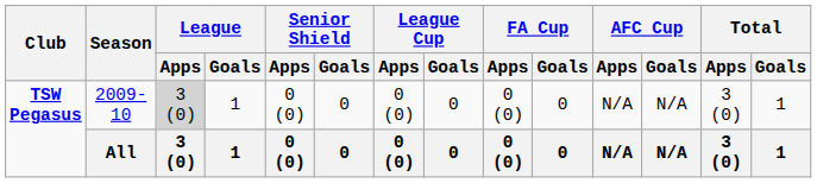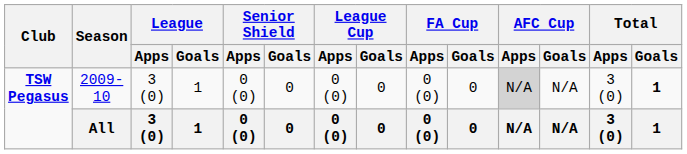 <table class="wikitable" style="text-align: center;">
 <tr>
 <th rowspan="2">Club</th>
 <th rowspan="2">Season</th>
 <th colspan="2"><a href='#'>League</a></th>
 <th colspan="2"><a href='#'>Senior Shield</a></th>
 <th colspan="2"><a href='#'>League Cup</a></th>
 <th colspan="2"><a href='#'>FA Cup</a></th>
 <th colspan="2"><a href='#'>AFC Cup</a></th>
 <th colspan="2">Total</th>
 </tr>
 <tr>
 <th>Apps</th>
 <th>Goals</th>
 <th>Apps</th>
 <th>Goals</th>
 <th>Apps</th>
 <th>Goals</th>
 <th>Apps</th>
 <th>Goals</th>
 <th>Apps</th>
 <th>Goals</th>
 <th>Apps</th>
 <th>Goals</th>
 </tr>
 <tr>
 <td rowspan="6" valign="top"><strong><a href='#'>TSW Pegasus</a></strong></td>
 <td><a href='#'>2009-10</a></td>
-<td style="background: lightgrey;">3 (0)</td>
+<td>3 (0)</td>
 <td>1</td>
 <td>0 (0)</td>
 <td>0</td>
 <td>0 (0)</td>
 <td>0</td>
 <td>0 (0)</td>
 <td>0</td>
-<td>N/A</td>
+<td style="background: lightgrey;">N/A</td>
 <td>N/A</td>
 <td>3 (0)</td>
-<td>1</td>
+<td><strong>1</strong></td>
 </tr>
 <tr>
 <th>All</th>
 <th>3 (0)</th>
 <th>1</th>
 <th>0 (0)</th>
 <th>0</th>
 <th>0 (0)</th>
 <th>0</th>
 <th>0 (0)</th>
 <th>0</th>
 <th>N/A</th>
 <th>N/A</th>
 <th>3 (0)</th>
 <th>1</th>
 </tr>
 </table>
